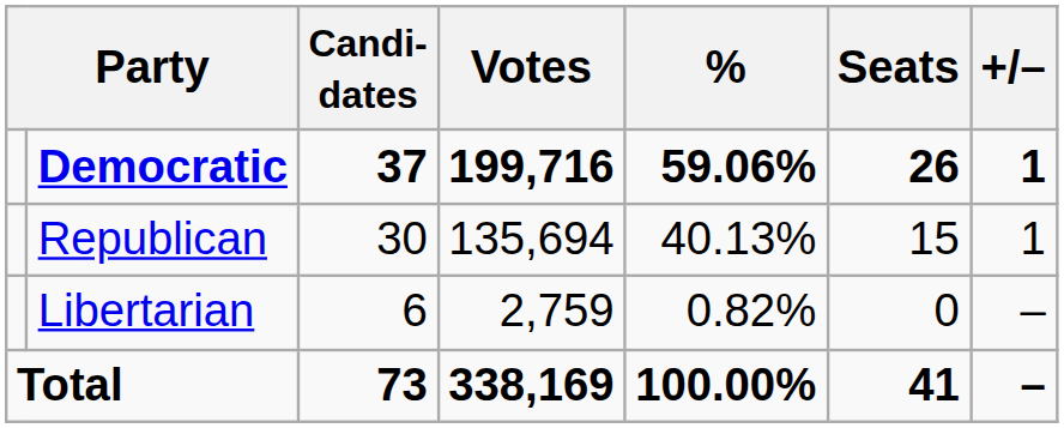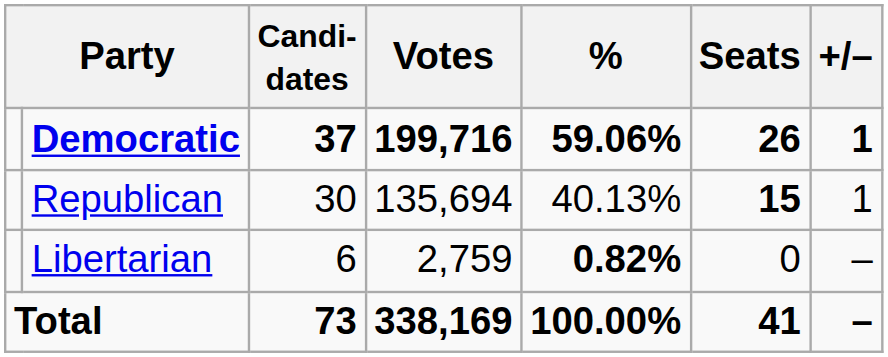 <table class="wikitable" style="font-size:100%; text-align:right;">
 <tr>
 <th colspan=2>Party</th>
 <th><small>Candi-<br>dates</small></th>
 <th>Votes</th>
 <th>%</th>
 <th>Seats</th>
 <th>+/–</th>
 </tr>
 <tr>
 <td style="background:"></td>
 <td align=left><strong><a href='#'>Democratic</a></strong></td>
 <td><strong>37</strong></td>
 <td><strong>199,716</strong></td>
 <td><strong>59.06%</strong></td>
 <td><strong>26</strong></td>
 <td><strong>1</strong></td>
 </tr>
 <tr>
 <td style="background:"></td>
 <td align=left><a href='#'>Republican</a></td>
 <td>30</td>
 <td>135,694</td>
 <td>40.13%</td>
-<td>15</td>
+<td><strong>15</strong></td>
 <td>1</td>
 </tr>
 <tr>
 <td style="background:"></td>
 <td align=left><a href='#'>Libertarian</a></td>
 <td>6</td>
 <td>2,759</td>
-<td>0.82%</td>
+<td><strong>0.82%</strong></td>
 <td>0</td>
 <td>–</td>
 </tr>
 <tr style="font-weight:bold">
 <td colspan=2 align=left>Total</td>
 <td>73</td>
 <td>338,169</td>
 <td>100.00%</td>
 <td>41</td>
 <td>–</td>
 </tr>
 </table>
